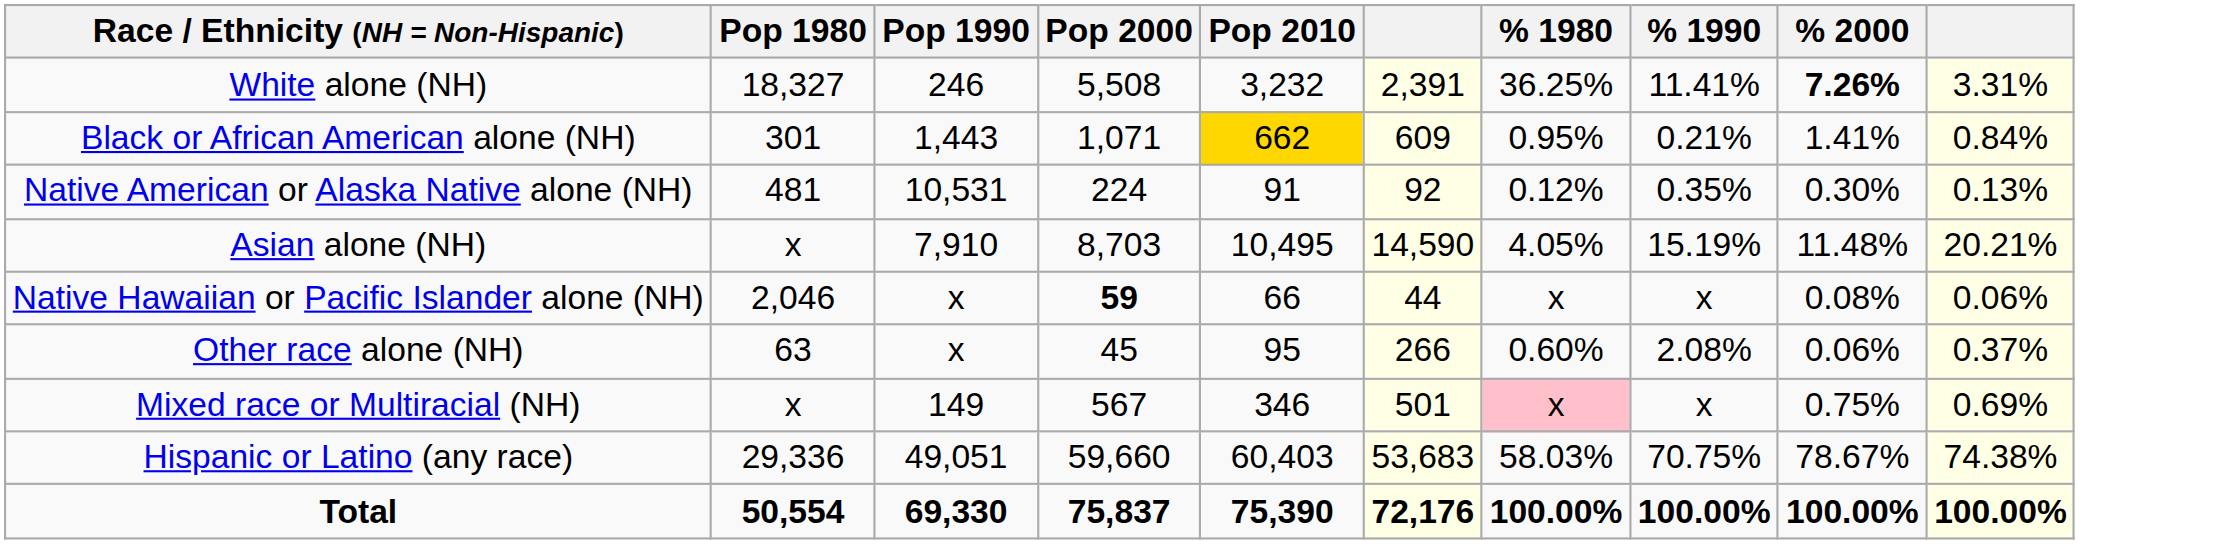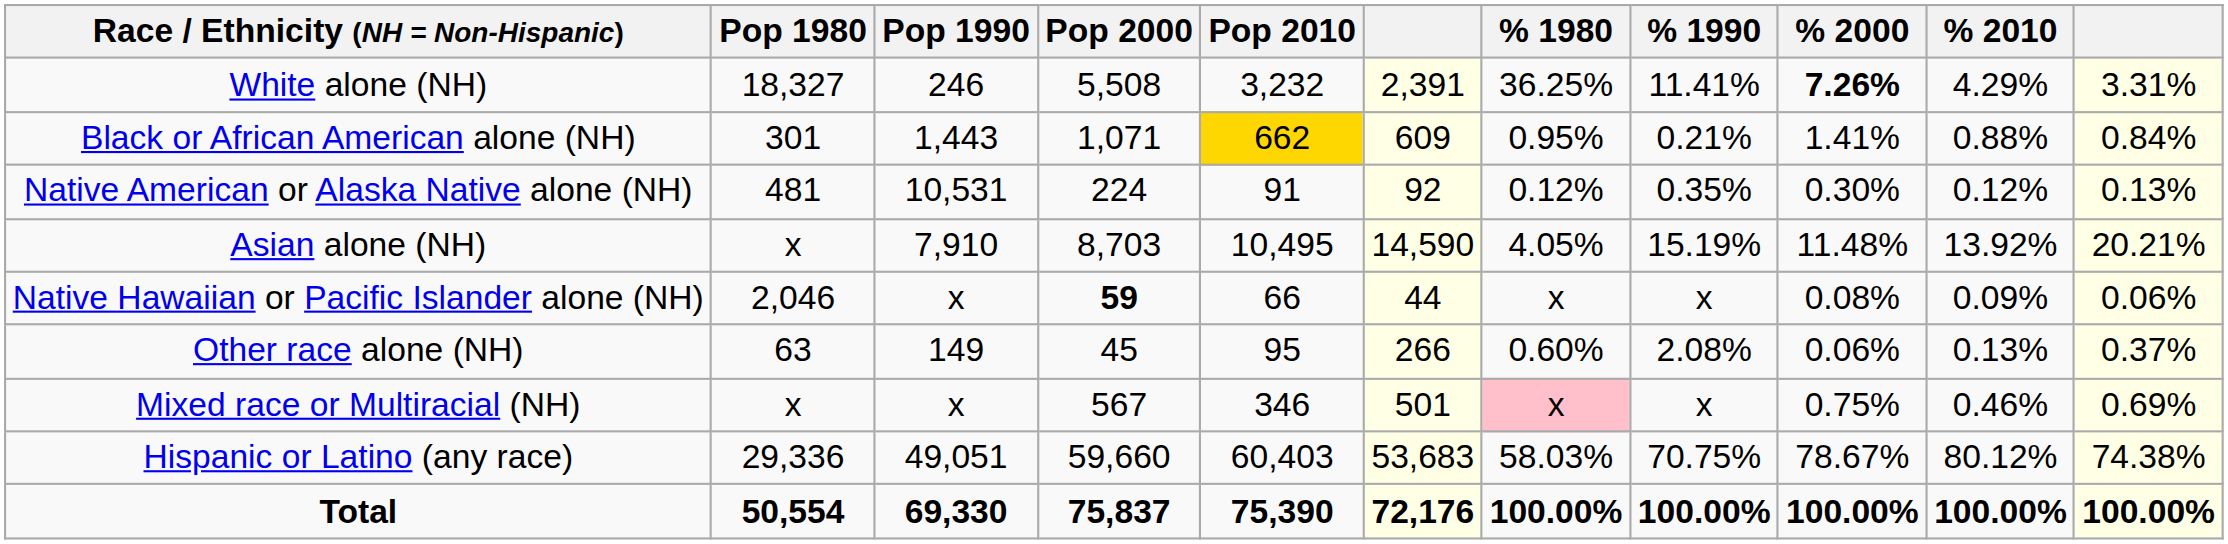 <table class="wikitable" style="text-align:center;">
 <tr>
 <th>Race / Ethnicity <small>(<em>NH = Non-Hispanic</em>)</small></th>
 <th>Pop 1980</th>
 <th>Pop 1990</th>
 <th>Pop 2000</th>
 <th>Pop 2010</th>
 <th></th>
 <th>% 1980</th>
 <th>% 1990</th>
 <th>% 2000</th>
+<th>% 2010</th>
 <th></th>
 </tr>
 <tr>
 <td><a href='#'>White</a> alone (NH)</td>
 <td>18,327</td>
 <td>246</td>
 <td>5,508</td>
 <td>3,232</td>
 <td style='background: #ffffe6;'>2,391</td>
 <td>36.25%</td>
 <td>11.41%</td>
 <td><strong>7.26%</strong></td>
+<td>4.29%</td>
 <td style='background: #ffffe6;'>3.31%</td>
 </tr>
 <tr>
 <td><a href='#'>Black or African American</a> alone (NH)</td>
 <td>301</td>
 <td>1,443</td>
 <td>1,071</td>
 <td style="background: gold;">662</td>
 <td style='background: #ffffe6;'>609</td>
 <td>0.95%</td>
 <td>0.21%</td>
 <td>1.41%</td>
+<td>0.88%</td>
 <td style='background: #ffffe6;'>0.84%</td>
 </tr>
 <tr>
 <td><a href='#'>Native American</a> or <a href='#'>Alaska Native</a> alone (NH)</td>
 <td>481</td>
 <td>10,531</td>
 <td>224</td>
 <td>91</td>
 <td style='background: #ffffe6;'>92</td>
 <td>0.12%</td>
 <td>0.35%</td>
 <td>0.30%</td>
+<td>0.12%</td>
 <td style='background: #ffffe6;'>0.13%</td>
 </tr>
 <tr>
 <td><a href='#'>Asian</a> alone (NH)</td>
 <td>x</td>
 <td>7,910</td>
 <td>8,703</td>
 <td>10,495</td>
 <td style='background: #ffffe6;'>14,590</td>
 <td>4.05%</td>
 <td>15.19%</td>
 <td>11.48%</td>
+<td>13.92%</td>
 <td style='background: #ffffe6;'>20.21%</td>
 </tr>
 <tr>
 <td><a href='#'>Native Hawaiian</a> or <a href='#'>Pacific Islander</a> alone (NH)</td>
 <td>2,046</td>
 <td>x</td>
 <td><strong>59</strong></td>
 <td>66</td>
 <td style='background: #ffffe6;'>44</td>
 <td>x</td>
 <td>x</td>
 <td>0.08%</td>
+<td>0.09%</td>
 <td style='background: #ffffe6;'>0.06%</td>
 </tr>
 <tr>
 <td><a href='#'>Other race</a> alone (NH)</td>
 <td>63</td>
-<td>x</td>
+<td>149</td>
 <td>45</td>
 <td>95</td>
 <td style='background: #ffffe6;'>266</td>
 <td>0.60%</td>
 <td>2.08%</td>
 <td>0.06%</td>
+<td>0.13%</td>
 <td style='background: #ffffe6;'>0.37%</td>
 </tr>
 <tr>
 <td><a href='#'>Mixed race or Multiracial</a> (NH)</td>
 <td>x</td>
-<td>149</td>
+<td>x</td>
 <td>567</td>
 <td>346</td>
 <td style='background: #ffffe6;'>501</td>
 <td style="background: pink;">x</td>
 <td>x</td>
 <td>0.75%</td>
+<td>0.46%</td>
 <td style='background: #ffffe6;'>0.69%</td>
 </tr>
 <tr>
 <td><a href='#'>Hispanic or Latino</a> (any race)</td>
 <td>29,336</td>
 <td>49,051</td>
 <td>59,660</td>
 <td>60,403</td>
 <td style='background: #ffffe6;'>53,683</td>
 <td>58.03%</td>
 <td>70.75%</td>
 <td>78.67%</td>
+<td>80.12%</td>
 <td style='background: #ffffe6;'>74.38%</td>
 </tr>
 <tr>
 <td><strong>Total</strong></td>
 <td><strong>50,554</strong></td>
 <td><strong>69,330</strong></td>
 <td><strong>75,837</strong></td>
 <td><strong>75,390</strong></td>
 <td style='background: #ffffe6;'><strong>72,176</strong></td>
 <td><strong>100.00%</strong></td>
 <td><strong>100.00%</strong></td>
 <td><strong>100.00%</strong></td>
+<td><strong>100.00%</strong></td>
 <td style='background: #ffffe6;'><strong>100.00%</strong></td>
 </tr>
 </table>
